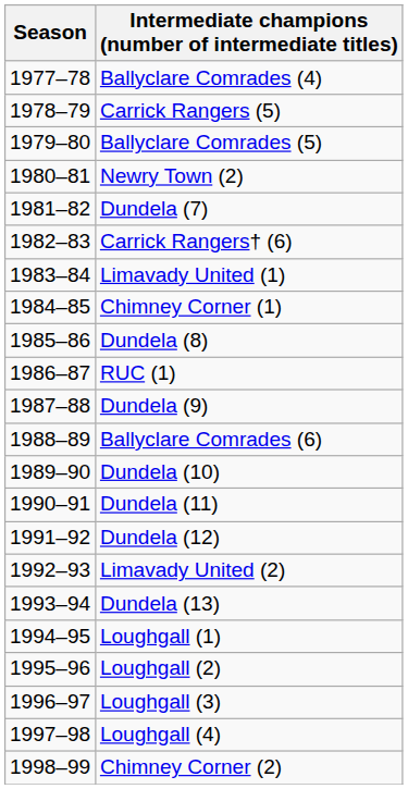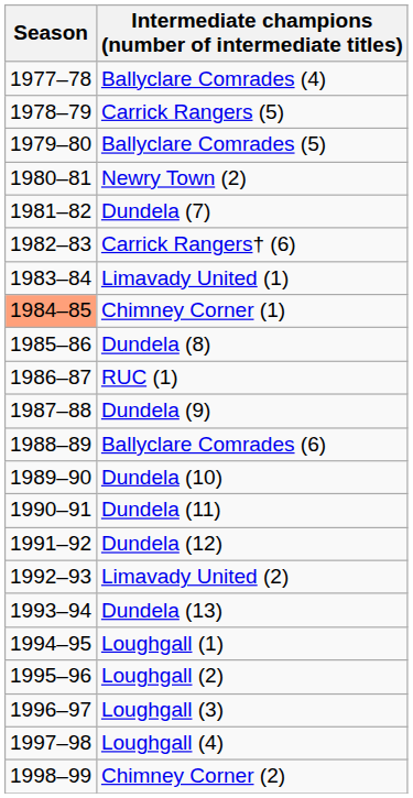 <table class="wikitable">
 <tr>
 <th>Season</th>
 <th>Intermediate champions<br>(number of intermediate titles)</th>
 </tr>
 <tr>
 <td>1977–78</td>
 <td><a href='#'>Ballyclare Comrades</a> (4)</td>
 </tr>
 <tr>
 <td>1978–79</td>
 <td><a href='#'>Carrick Rangers</a> (5)</td>
 </tr>
 <tr>
 <td>1979–80</td>
 <td><a href='#'>Ballyclare Comrades</a> (5)</td>
 </tr>
 <tr>
 <td>1980–81</td>
 <td><a href='#'>Newry Town</a> (2)</td>
 </tr>
 <tr>
 <td>1981–82</td>
 <td><a href='#'>Dundela</a> (7)</td>
 </tr>
 <tr>
 <td>1982–83</td>
 <td><a href='#'>Carrick Rangers</a>† (6)</td>
 </tr>
 <tr>
 <td>1983–84</td>
 <td><a href='#'>Limavady United</a> (1)</td>
 </tr>
 <tr>
-<td>1984–85</td>
+<td style="background: lightsalmon;">1984–85</td>
 <td><a href='#'>Chimney Corner</a> (1)</td>
 </tr>
 <tr>
 <td>1985–86</td>
 <td><a href='#'>Dundela</a> (8)</td>
 </tr>
 <tr>
 <td>1986–87</td>
 <td><a href='#'>RUC</a> (1)</td>
 </tr>
 <tr>
 <td>1987–88</td>
 <td><a href='#'>Dundela</a> (9)</td>
 </tr>
 <tr>
 <td>1988–89</td>
 <td><a href='#'>Ballyclare Comrades</a> (6)</td>
 </tr>
 <tr>
 <td>1989–90</td>
 <td><a href='#'>Dundela</a> (10)</td>
 </tr>
 <tr>
 <td>1990–91</td>
 <td><a href='#'>Dundela</a> (11)</td>
 </tr>
 <tr>
 <td>1991–92</td>
 <td><a href='#'>Dundela</a> (12)</td>
 </tr>
 <tr>
 <td>1992–93</td>
 <td><a href='#'>Limavady United</a> (2)</td>
 </tr>
 <tr>
 <td>1993–94</td>
 <td><a href='#'>Dundela</a> (13)</td>
 </tr>
 <tr>
 <td>1994–95</td>
 <td><a href='#'>Loughgall</a> (1)</td>
 </tr>
 <tr>
 <td>1995–96</td>
 <td><a href='#'>Loughgall</a> (2)</td>
 </tr>
 <tr>
 <td>1996–97</td>
 <td><a href='#'>Loughgall</a> (3)</td>
 </tr>
 <tr>
 <td>1997–98</td>
 <td><a href='#'>Loughgall</a> (4)</td>
 </tr>
 <tr>
 <td>1998–99</td>
 <td><a href='#'>Chimney Corner</a> (2)</td>
 </tr>
 </table>
